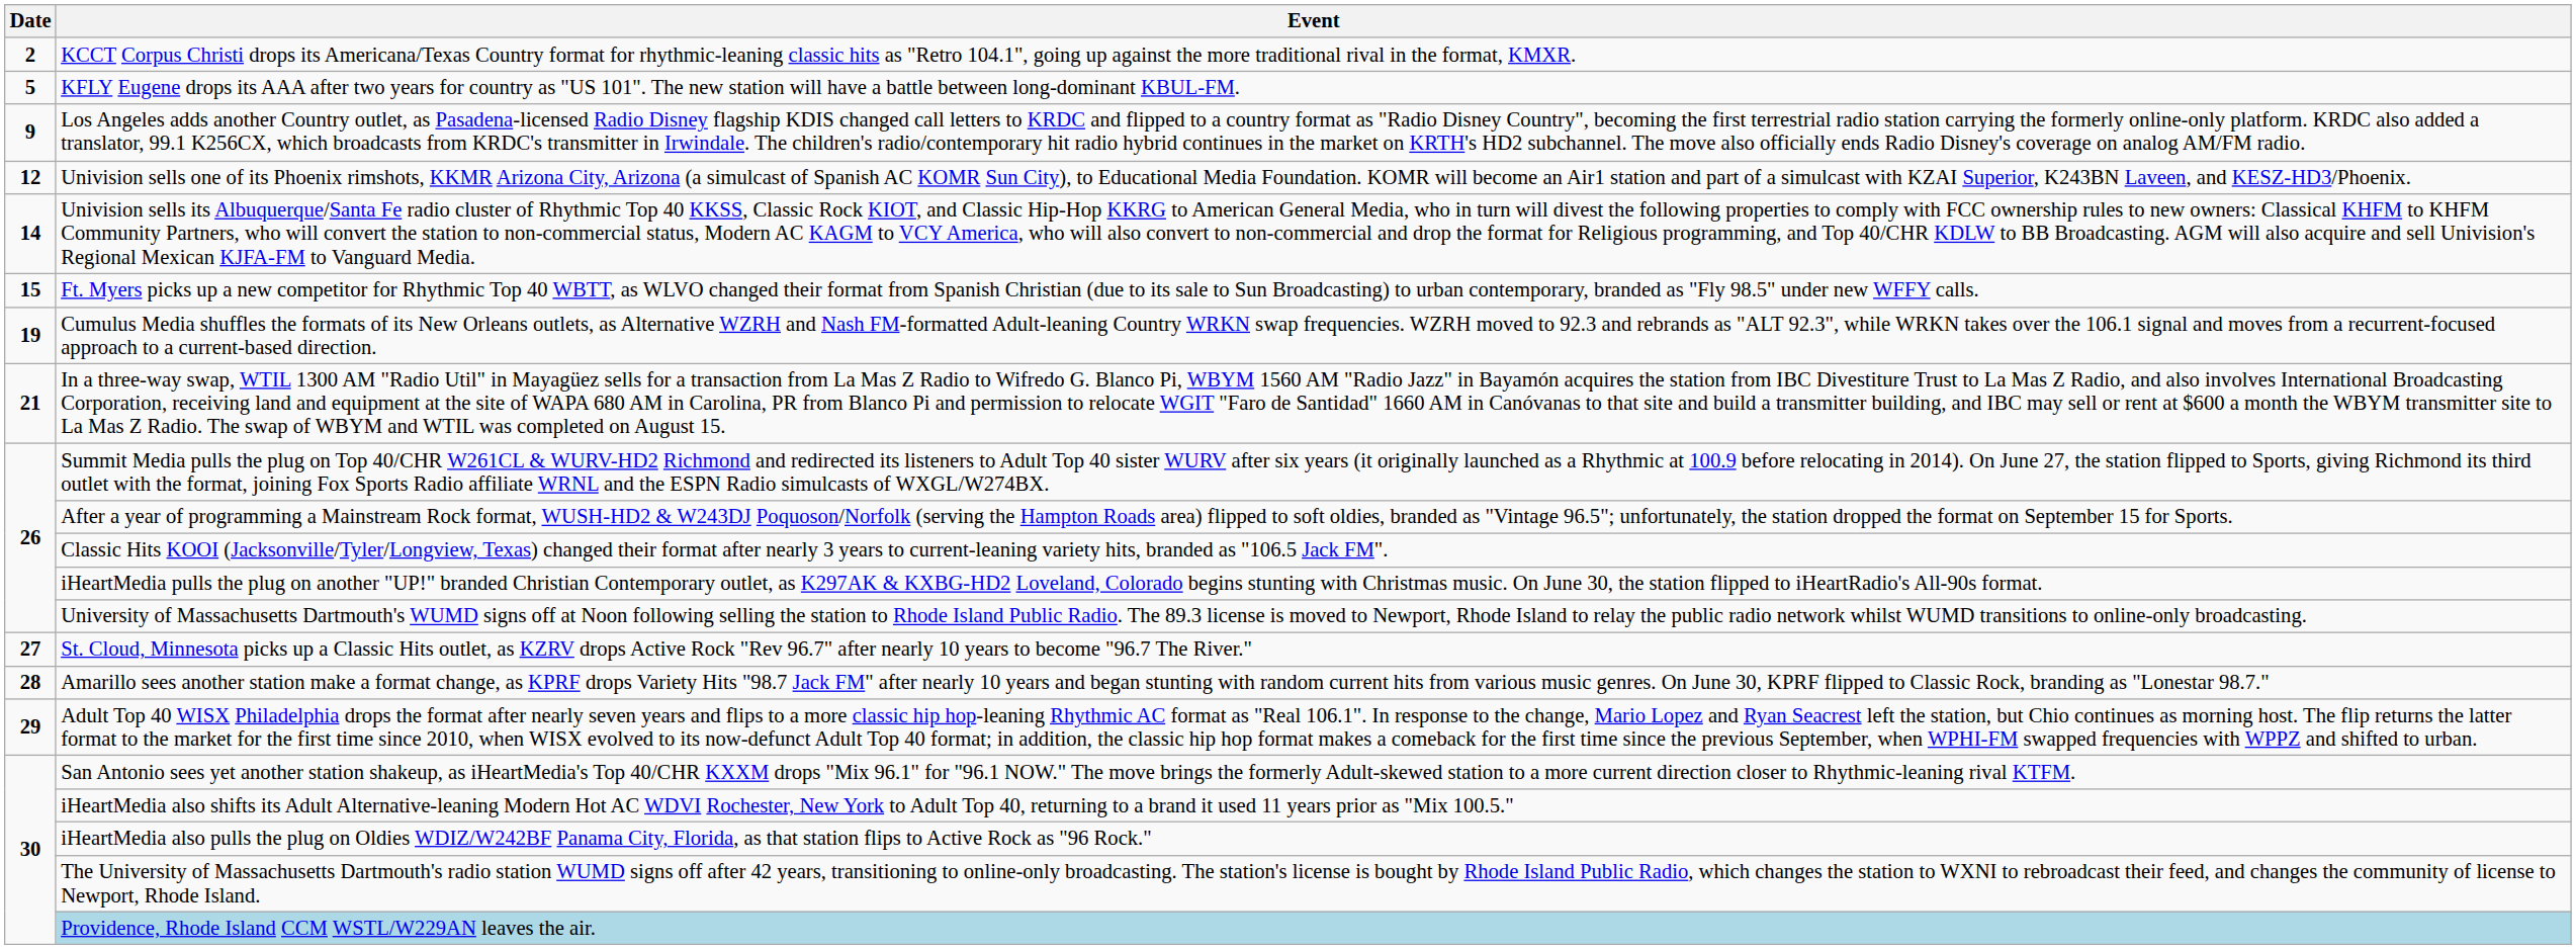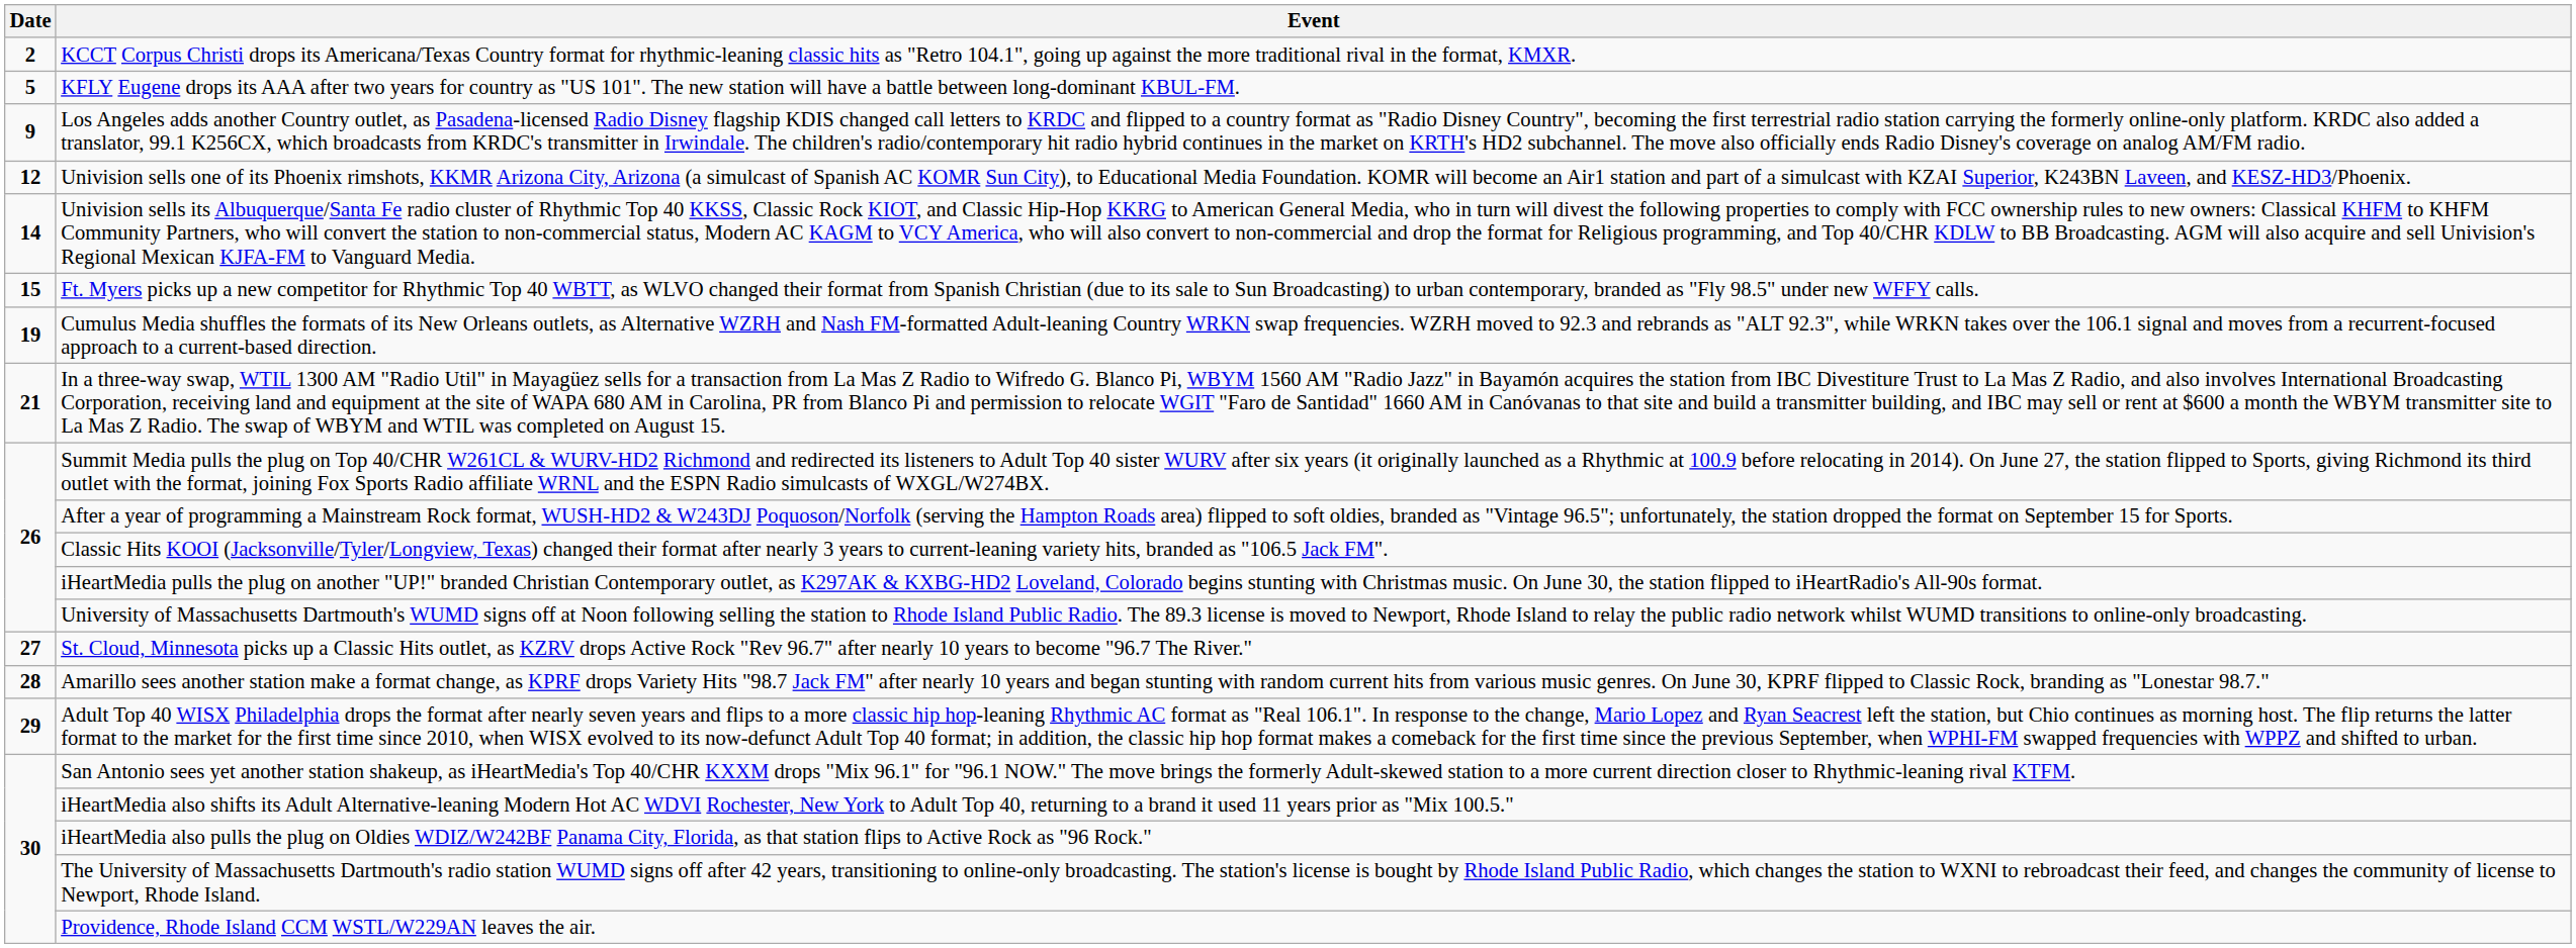 <table class="wikitable">
 <tr>
 <th>Date</th>
 <th>Event</th>
 </tr>
 <tr>
 <td style="text-align:center;"><strong>2</strong></td>
 <td><a href='#'>KCCT</a> <a href='#'>Corpus Christi</a> drops its Americana/Texas Country format for rhythmic-leaning <a href='#'>classic hits</a> as "Retro 104.1", going up against the more traditional rival in the format, <a href='#'>KMXR</a>.</td>
 </tr>
 <tr>
 <td style="text-align:center;"><strong>5</strong></td>
 <td><a href='#'>KFLY</a> <a href='#'>Eugene</a> drops its AAA after two years for country as "US 101". The new station will have a battle between long-dominant <a href='#'>KBUL-FM</a>.</td>
 </tr>
 <tr>
 <td style="text-align:center;"><strong>9</strong></td>
 <td>Los Angeles adds another Country outlet, as <a href='#'>Pasadena</a>-licensed <a href='#'>Radio Disney</a> flagship KDIS changed call letters to <a href='#'>KRDC</a> and flipped to a country format as "Radio Disney Country", becoming the first terrestrial radio station carrying the formerly online-only platform. KRDC also added a translator, 99.1 K256CX, which broadcasts from KRDC's transmitter in <a href='#'>Irwindale</a>. The children's radio/contemporary hit radio hybrid continues in the market on <a href='#'>KRTH</a>'s HD2 subchannel. The move also officially ends Radio Disney's coverage on analog AM/FM radio.</td>
 </tr>
 <tr>
 <td style="text-align:center;"><strong>12</strong></td>
 <td>Univision sells one of its Phoenix rimshots, <a href='#'>KKMR</a> <a href='#'>Arizona City, Arizona</a> (a simulcast of Spanish AC <a href='#'>KOMR</a> <a href='#'>Sun City</a>), to Educational Media Foundation. KOMR will become an Air1 station and part of a simulcast with KZAI <a href='#'>Superior</a>, K243BN <a href='#'>Laveen</a>, and <a href='#'>KESZ-HD3</a>/Phoenix.</td>
 </tr>
 <tr>
 <td style="text-align:center;"><strong>14</strong></td>
 <td>Univision sells its <a href='#'>Albuquerque</a>/<a href='#'>Santa Fe</a> radio cluster of Rhythmic Top 40 <a href='#'>KKSS</a>, Classic Rock <a href='#'>KIOT</a>, and Classic Hip-Hop <a href='#'>KKRG</a>  to American General Media, who in turn will divest the following properties to comply with FCC ownership rules to new owners: Classical <a href='#'>KHFM</a> to KHFM Community Partners, who will convert the station to non-commercial status, Modern AC <a href='#'>KAGM</a> to <a href='#'>VCY America</a>, who will also convert to non-commercial and drop the format for Religious programming, and Top 40/CHR <a href='#'>KDLW</a> to BB Broadcasting. AGM will also acquire and sell Univision's Regional Mexican <a href='#'>KJFA-FM</a> to Vanguard Media.</td>
 </tr>
 <tr>
 <td style="text-align:center;"><strong>15</strong></td>
 <td><a href='#'>Ft. Myers</a> picks up a new competitor for Rhythmic Top 40 <a href='#'>WBTT</a>, as WLVO changed their format from Spanish Christian (due to its sale to Sun Broadcasting) to urban contemporary, branded as "Fly 98.5" under new <a href='#'>WFFY</a> calls.</td>
 </tr>
 <tr>
 <td style="text-align:center;"><strong>19</strong></td>
 <td>Cumulus Media shuffles the formats of its New Orleans outlets, as Alternative <a href='#'>WZRH</a> and <a href='#'>Nash FM</a>-formatted Adult-leaning Country <a href='#'>WRKN</a> swap frequencies. WZRH moved to 92.3 and rebrands as "ALT 92.3", while WRKN takes over the 106.1 signal and moves from a recurrent-focused approach to a current-based direction.</td>
 </tr>
 <tr>
 <td style="text-align:center;"><strong>21</strong></td>
 <td>In a three-way swap, <a href='#'>WTIL</a> 1300 AM "Radio Util" in Mayagüez sells for a transaction from La Mas Z Radio to Wifredo G. Blanco Pi, <a href='#'>WBYM</a> 1560 AM "Radio Jazz" in Bayamón acquires the station from IBC Divestiture Trust to La Mas Z Radio, and also involves International Broadcasting Corporation, receiving land and equipment at the site of WAPA 680 AM in Carolina, PR from Blanco Pi and permission to relocate <a href='#'>WGIT</a> "Faro de Santidad" 1660 AM in Canóvanas to that site and build a transmitter building, and IBC may sell or rent at $600 a month the WBYM transmitter site to La Mas Z Radio. The swap of WBYM and WTIL was completed on August 15.</td>
 </tr>
 <tr>
 <td style="text-align:center;" rowspan=5><strong>26</strong></td>
 <td>Summit Media pulls the plug on Top 40/CHR <a href='#'>W261CL & WURV-HD2</a> <a href='#'>Richmond</a> and redirected its listeners to Adult Top 40 sister <a href='#'>WURV</a> after six years (it originally launched as a Rhythmic at <a href='#'>100.9</a> before relocating in 2014). On June 27, the station flipped to Sports, giving Richmond its third outlet with the format, joining Fox Sports Radio affiliate <a href='#'>WRNL</a> and the ESPN Radio simulcasts of WXGL/W274BX.</td>
 </tr>
 <tr>
 <td>After a year of programming a Mainstream Rock format, <a href='#'>WUSH-HD2 & W243DJ</a> <a href='#'>Poquoson</a>/<a href='#'>Norfolk</a> (serving the <a href='#'>Hampton Roads</a> area) flipped to soft oldies, branded as "Vintage 96.5"; unfortunately, the station dropped the format on September 15 for Sports.</td>
 </tr>
 <tr>
 <td>Classic Hits <a href='#'>KOOI</a> (<a href='#'>Jacksonville</a>/<a href='#'>Tyler</a>/<a href='#'>Longview, Texas</a>) changed their format after nearly 3 years to current-leaning variety hits, branded as "106.5 <a href='#'>Jack FM</a>".</td>
 </tr>
 <tr>
 <td>iHeartMedia pulls the plug on another "UP!" branded Christian Contemporary outlet, as <a href='#'>K297AK & KXBG-HD2</a> <a href='#'>Loveland, Colorado</a> begins stunting with Christmas music. On June 30, the station flipped to iHeartRadio's All-90s format.</td>
 </tr>
 <tr>
 <td>University of Massachusetts Dartmouth's <a href='#'>WUMD</a> signs off at Noon following selling the station to <a href='#'>Rhode Island Public Radio</a>. The 89.3 license is moved to Newport, Rhode Island to relay the public radio network whilst WUMD transitions to online-only broadcasting.</td>
 </tr>
 <tr>
 <td style="text-align:center;"><strong>27</strong></td>
 <td><a href='#'>St. Cloud, Minnesota</a> picks up a Classic Hits outlet, as <a href='#'>KZRV</a> drops Active Rock "Rev 96.7" after nearly 10 years to become "96.7 The River."</td>
 </tr>
 <tr>
 <td style="text-align:center;"><strong>28</strong></td>
 <td>Amarillo sees another station make a format change, as <a href='#'>KPRF</a> drops Variety Hits "98.7 <a href='#'>Jack FM</a>" after nearly 10 years and began stunting with random current hits from various music genres. On June 30, KPRF flipped to Classic Rock, branding as "Lonestar 98.7."</td>
 </tr>
 <tr>
 <td style="text-align:center;"><strong>29</strong></td>
 <td>Adult Top 40 <a href='#'>WISX</a> <a href='#'>Philadelphia</a> drops the format after nearly seven years and flips to a more <a href='#'>classic hip hop</a>-leaning <a href='#'>Rhythmic AC</a> format as "Real 106.1". In response to the change, <a href='#'>Mario Lopez</a> and <a href='#'>Ryan Seacrest</a> left the station, but Chio continues as morning host. The flip returns the latter format to the market for the first time since 2010, when WISX evolved to its now-defunct Adult Top 40 format; in addition, the classic hip hop format makes a comeback for the first time since the previous September, when <a href='#'>WPHI-FM</a> swapped frequencies with <a href='#'>WPPZ</a> and shifted to urban.</td>
 </tr>
 <tr>
 <td style="text-align:center;" rowspan=5><strong>30</strong></td>
 <td>San Antonio sees yet another station shakeup, as iHeartMedia's Top 40/CHR <a href='#'>KXXM</a> drops "Mix 96.1" for "96.1 NOW." The move brings the formerly Adult-skewed station to a more current direction closer to Rhythmic-leaning rival <a href='#'>KTFM</a>.</td>
 </tr>
 <tr>
 <td>iHeartMedia also shifts its Adult Alternative-leaning Modern Hot AC <a href='#'>WDVI</a> <a href='#'>Rochester, New York</a> to Adult Top 40, returning to a brand it used 11 years prior as "Mix 100.5."</td>
 </tr>
 <tr>
 <td>iHeartMedia also pulls the plug on Oldies <a href='#'>WDIZ/W242BF</a> <a href='#'>Panama City, Florida</a>, as that station flips to Active Rock as "96 Rock."</td>
 </tr>
 <tr>
 <td>The University of Massachusetts Dartmouth's radio station <a href='#'>WUMD</a> signs off after 42 years, transitioning to online-only broadcasting. The station's license is bought by <a href='#'>Rhode Island Public Radio</a>, which changes the station to WXNI to rebroadcast their feed, and changes the community of license to Newport, Rhode Island.</td>
 </tr>
 <tr>
-<td style="background: lightblue;"><a href='#'>Providence, Rhode Island</a> <a href='#'>CCM</a> <a href='#'>WSTL/W229AN</a> leaves the air.</td>
+<td><a href='#'>Providence, Rhode Island</a> <a href='#'>CCM</a> <a href='#'>WSTL/W229AN</a> leaves the air.</td>
 </tr>
 </table>
